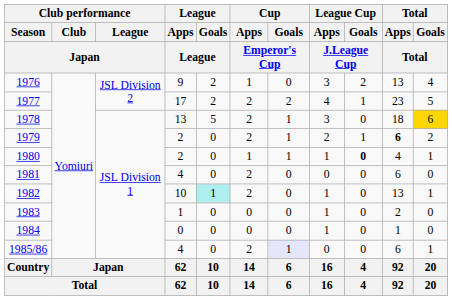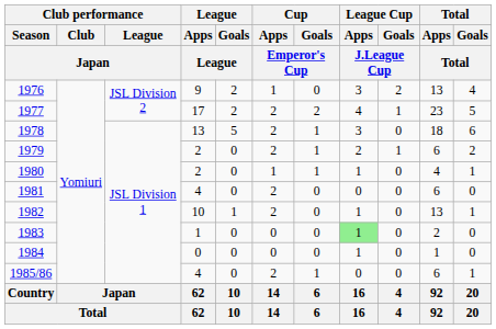 <table class="wikitable" style="text-align:center;">
 <tr>
 <th colspan=3>Club performance</th>
 <th colspan=2>League</th>
 <th colspan=2>Cup</th>
 <th colspan=2>League Cup</th>
 <th colspan=2>Total</th>
 </tr>
 <tr>
 <th>Season</th>
 <th>Club</th>
 <th>League</th>
 <th>Apps</th>
 <th>Goals</th>
 <th>Apps</th>
 <th>Goals</th>
 <th>Apps</th>
 <th>Goals</th>
 <th>Apps</th>
 <th>Goals</th>
 </tr>
 <tr>
 <th colspan=3>Japan</th>
 <th colspan=2>League</th>
 <th colspan=2><a href='#'>Emperor's Cup</a></th>
 <th colspan=2><a href='#'>J.League Cup</a></th>
 <th colspan=2>Total</th>
 </tr>
 <tr>
 <td><a href='#'>1976</a></td>
 <td rowspan="10"><a href='#'>Yomiuri</a></td>
 <td rowspan="2"><a href='#'>JSL Division 2</a></td>
 <td>9</td>
 <td>2</td>
 <td>1</td>
 <td>0</td>
 <td>3</td>
 <td>2</td>
 <td>13</td>
 <td>4</td>
 </tr>
 <tr>
 <td><a href='#'>1977</a></td>
 <td>17</td>
 <td>2</td>
 <td>2</td>
 <td>2</td>
 <td>4</td>
 <td>1</td>
 <td>23</td>
 <td>5</td>
 </tr>
 <tr>
 <td><a href='#'>1978</a></td>
 <td rowspan="8"><a href='#'>JSL Division 1</a></td>
 <td>13</td>
 <td>5</td>
 <td>2</td>
 <td>1</td>
 <td>3</td>
 <td>0</td>
 <td>18</td>
-<td style="background: gold;">6</td>
+<td>6</td>
 </tr>
 <tr>
 <td><a href='#'>1979</a></td>
 <td>2</td>
 <td>0</td>
 <td>2</td>
 <td>1</td>
 <td>2</td>
 <td>1</td>
-<td><strong>6</strong></td>
+<td>6</td>
 <td>2</td>
 </tr>
 <tr>
 <td><a href='#'>1980</a></td>
 <td>2</td>
 <td>0</td>
 <td>1</td>
 <td>1</td>
 <td>1</td>
-<td><strong>0</strong></td>
+<td>0</td>
 <td>4</td>
 <td>1</td>
 </tr>
 <tr>
 <td><a href='#'>1981</a></td>
 <td>4</td>
 <td>0</td>
 <td>2</td>
 <td>0</td>
 <td>0</td>
 <td>0</td>
 <td>6</td>
 <td>0</td>
 </tr>
 <tr>
 <td><a href='#'>1982</a></td>
 <td>10</td>
-<td style="background: paleturquoise;">1</td>
+<td>1</td>
 <td>2</td>
 <td>0</td>
 <td>1</td>
 <td>0</td>
 <td>13</td>
 <td>1</td>
 </tr>
 <tr>
 <td><a href='#'>1983</a></td>
 <td>1</td>
 <td>0</td>
 <td>0</td>
 <td>0</td>
-<td>1</td>
+<td style="background: lightgreen;">1</td>
 <td>0</td>
 <td>2</td>
 <td>0</td>
 </tr>
 <tr>
 <td><a href='#'>1984</a></td>
 <td>0</td>
 <td>0</td>
 <td>0</td>
 <td>0</td>
 <td>1</td>
 <td>0</td>
 <td>1</td>
 <td>0</td>
 </tr>
 <tr>
 <td><a href='#'>1985/86</a></td>
 <td>4</td>
 <td>0</td>
 <td>2</td>
-<td style="background: lavender;">1</td>
+<td>1</td>
 <td>0</td>
 <td>0</td>
 <td>6</td>
 <td>1</td>
 </tr>
 <tr>
 <th rowspan=1>Country</th>
 <th colspan=2>Japan</th>
 <th>62</th>
 <th>10</th>
 <th>14</th>
 <th>6</th>
 <th>16</th>
 <th>4</th>
 <th>92</th>
 <th>20</th>
 </tr>
 <tr>
 <th colspan=3>Total</th>
 <th>62</th>
 <th>10</th>
 <th>14</th>
 <th>6</th>
 <th>16</th>
 <th>4</th>
 <th>92</th>
 <th>20</th>
 </tr>
 </table>
